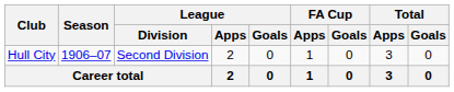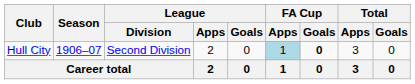 <table class="wikitable" style="text-align: center">
 <tr>
 <th rowspan="2">Club</th>
 <th rowspan="2">Season</th>
 <th colspan="3">League</th>
 <th colspan="2">FA Cup</th>
 <th colspan="2">Total</th>
 </tr>
 <tr>
 <th>Division</th>
 <th>Apps</th>
 <th>Goals</th>
 <th>Apps</th>
 <th>Goals</th>
 <th>Apps</th>
 <th>Goals</th>
 </tr>
 <tr>
 <td><a href='#'>Hull City</a></td>
 <td><a href='#'>1906–07</a></td>
 <td><a href='#'>Second Division</a></td>
 <td>2</td>
 <td>0</td>
-<td>1</td>
-<td>0</td>
+<td style="background: lightblue;">1</td>
+<td><strong>0</strong></td>
 <td>3</td>
 <td>0</td>
 </tr>
 <tr>
 <th colspan="3">Career total</th>
 <th>2</th>
 <th>0</th>
 <th>1</th>
 <th>0</th>
 <th>3</th>
 <th>0</th>
 </tr>
 </table>
